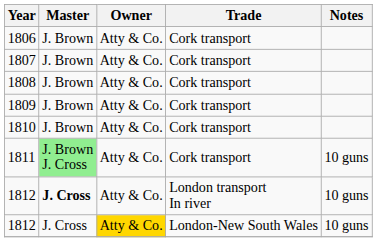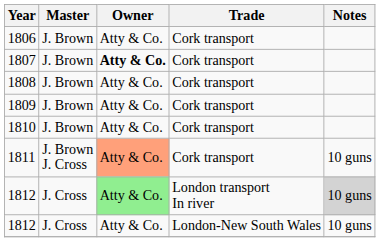 <table class="sortable wikitable">
 <tr>
 <th>Year</th>
 <th>Master</th>
 <th>Owner</th>
 <th>Trade</th>
 <th>Notes</th>
 </tr>
 <tr>
 <td>1806</td>
 <td>J. Brown</td>
 <td>Atty & Co.</td>
 <td>Cork transport</td>
 <td></td>
 </tr>
 <tr>
 <td>1807</td>
 <td>J. Brown</td>
-<td>Atty & Co.</td>
+<td><strong>Atty & Co.</strong></td>
 <td>Cork transport</td>
 <td></td>
 </tr>
 <tr>
 <td>1808</td>
 <td>J. Brown</td>
 <td>Atty & Co.</td>
 <td>Cork transport</td>
 <td></td>
 </tr>
 <tr>
 <td>1809</td>
 <td>J. Brown</td>
 <td>Atty & Co.</td>
 <td>Cork transport</td>
 <td></td>
 </tr>
 <tr>
 <td>1810</td>
 <td>J. Brown</td>
 <td>Atty & Co.</td>
 <td>Cork transport</td>
 <td></td>
 </tr>
 <tr>
 <td>1811</td>
-<td style="background: lightgreen;">J. Brown<br>J. Cross</td>
-<td>Atty & Co.</td>
+<td>J. Brown<br>J. Cross</td>
+<td style="background: lightsalmon;">Atty & Co.</td>
 <td>Cork transport</td>
 <td>10 guns</td>
 </tr>
 <tr>
 <td>1812</td>
-<td><strong>J. Cross</strong></td>
-<td>Atty & Co.</td>
+<td>J. Cross</td>
+<td style="background: lightgreen;">Atty & Co.</td>
 <td>London transport<br> In river</td>
-<td>10 guns</td>
+<td style="background: lightgrey;">10 guns</td>
 </tr>
 <tr>
 <td>1812</td>
 <td>J. Cross</td>
-<td style="background: gold;">Atty & Co.</td>
+<td>Atty & Co.</td>
 <td>London-New South Wales</td>
 <td>10 guns</td>
 </tr>
 <tr>
 </tr>
 </table>
